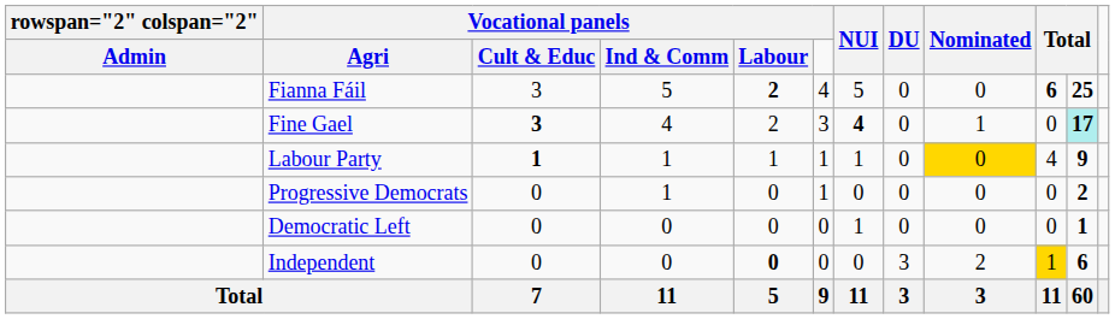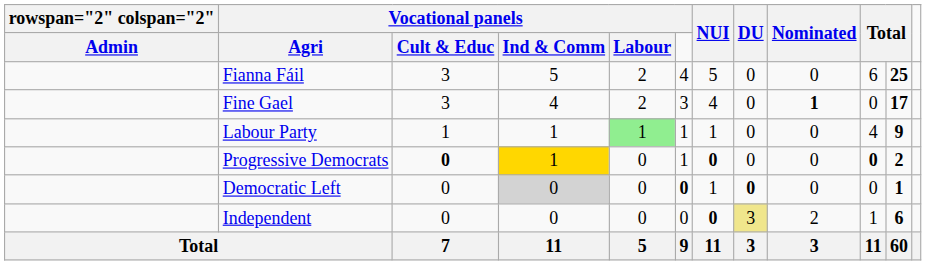 <table class="wikitable">
 <tr>
 <th>rowspan="2" colspan="2" </th>
 <th scope="col" colspan="5"><a href='#'>Vocational panels</a></th>
 <th rowspan="2"><a href='#'>NUI</a></th>
 <th rowspan="2"><a href='#'>DU</a></th>
 <th rowspan="2"><a href='#'>Nominated</a></th>
 <th rowspan="2" colspan="2">Total</th>
 </tr>
 <tr>
 <th scope="col"><a href='#'>Admin</a></th>
 <th scope="col"><a href='#'>Agri</a></th>
 <th scope="col"><a href='#'>Cult & Educ</a></th>
 <th scope="col"><a href='#'>Ind & Comm</a></th>
 <th scope="col"><a href='#'>Labour</a></th>
 </tr>
 <tr style="text-align:center">
 <td style="background-color: "></td>
 <td align="left"><a href='#'>Fianna Fáil</a></td>
 <td>3</td>
 <td>5</td>
-<td><strong>2</strong></td>
+<td>2</td>
 <td>4</td>
 <td>5</td>
 <td>0</td>
 <td>0</td>
-<td><strong>6</strong></td>
+<td>6</td>
 <td><strong>25</strong></td>
 <td style="background-color: "></td>
 </tr>
 <tr style="text-align:center">
 <td style="background-color: "></td>
 <td align="left"><a href='#'>Fine Gael</a></td>
-<td><strong>3</strong></td>
+<td>3</td>
 <td>4</td>
 <td>2</td>
 <td>3</td>
-<td><strong>4</strong></td>
+<td>4</td>
 <td>0</td>
-<td>1</td>
+<td><strong>1</strong></td>
 <td>0</td>
-<td style="background: paleturquoise;"><strong>17</strong></td>
+<td><strong>17</strong></td>
 <td style="background-color: "></td>
 </tr>
 <tr style="text-align:center">
 <td style="background-color: "></td>
 <td align="left"><a href='#'>Labour Party</a></td>
-<td><strong>1</strong></td>
 <td>1</td>
 <td>1</td>
+<td style="background: lightgreen;">1</td>
 <td>1</td>
 <td>1</td>
 <td>0</td>
-<td style="background: gold;">0</td>
+<td>0</td>
 <td>4</td>
 <td><strong>9</strong></td>
 <td style="background-color: "></td>
 </tr>
 <tr style="text-align:center">
 <td style="background-color: "></td>
 <td align="left"><a href='#'>Progressive Democrats</a></td>
+<td><strong>0</strong></td>
+<td style="background: gold;">1</td>
 <td>0</td>
 <td>1</td>
-<td>0</td>
-<td>1</td>
+<td><strong>0</strong></td>
 <td>0</td>
 <td>0</td>
-<td>0</td>
-<td>0</td>
+<td><strong>0</strong></td>
 <td><strong>2</strong></td>
 <td style="background-color: "></td>
 </tr>
 <tr style="text-align:center">
 <td style="background-color: "></td>
 <td align="left"><a href='#'>Democratic Left</a></td>
 <td>0</td>
+<td style="background: lightgrey;">0</td>
 <td>0</td>
-<td>0</td>
-<td>0</td>
+<td><strong>0</strong></td>
 <td>1</td>
-<td>0</td>
+<td><strong>0</strong></td>
 <td>0</td>
 <td>0</td>
 <td><strong>1</strong></td>
 <td style="background-color: "></td>
 </tr>
 <tr style="text-align:center">
 <td style="background-color: "></td>
 <td align="left"><a href='#'>Independent</a></td>
 <td>0</td>
 <td>0</td>
-<td><strong>0</strong></td>
 <td>0</td>
 <td>0</td>
-<td>3</td>
+<td><strong>0</strong></td>
+<td style="background: khaki;">3</td>
 <td>2</td>
-<td style="background: gold;">1</td>
+<td>1</td>
 <td><strong>6</strong></td>
 <td style="background-color: "></td>
 </tr>
 <tr style="text-align:center">
 <th colspan="2">Total</th>
 <th>7</th>
 <th>11</th>
 <th>5</th>
 <th>9</th>
 <th>11</th>
 <th>3</th>
 <th>3</th>
 <th>11</th>
 <th>60</th>
 <th></th>
 </tr>
 </table>
